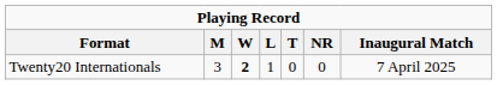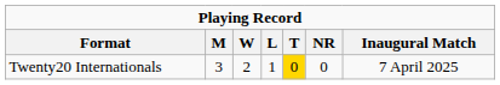 <table class="wikitable" style="text-align: center; width: 500px;">
 <tr>
 <td colspan=7 align="center"><strong>Playing Record</strong></td>
 </tr>
 <tr>
 <th>Format</th>
 <th>M</th>
 <th>W</th>
 <th>L</th>
 <th>T</th>
 <th>NR</th>
 <th>Inaugural Match</th>
 </tr>
 <tr>
 <td align="left">Twenty20 Internationals</td>
 <td>3</td>
-<td><strong>2</strong></td>
+<td>2</td>
 <td>1</td>
-<td>0</td>
+<td style="background: gold;">0</td>
 <td>0</td>
 <td>7 April 2025</td>
 </tr>
 </table>
